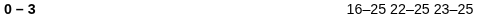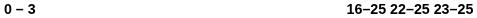 <table width=100% cellspacing=1>
 <tr>
 <th width=20%></th>
 <th width=12%></th>
 <th width=20%></th>
 <th width=33%></th>
 <td></td>
 </tr>
 <tr style=font-size:90%>
 <td align=right></td>
 <td align=center><strong>0 – 3</strong></td>
 <td><strong></strong></td>
-<td>16–25 22–25 23–25</td>
+<td><strong>16–25 22–25 23–25</strong></td>
 </tr>
 </table>
